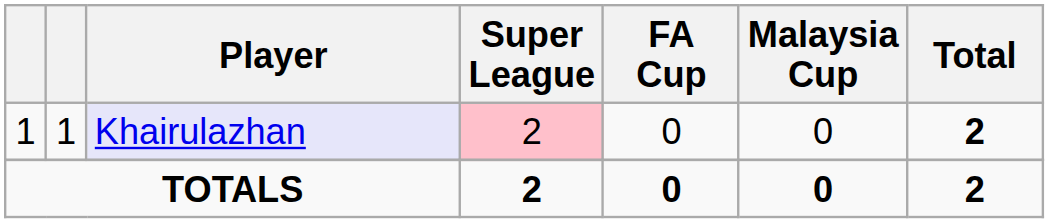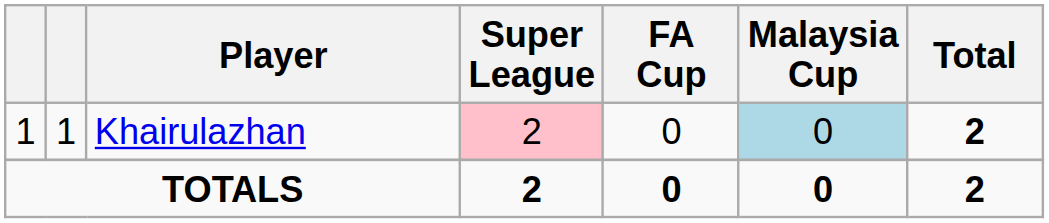 <table class="wikitable sortable" style="font-size: 95%; text-align: center;">
 <tr>
 <th width=10></th>
 <th width=10></th>
 <th width=150>Player</th>
 <th width=50>Super League</th>
 <th width=50>FA Cup</th>
 <th width=50>Malaysia Cup</th>
 <th width=50>Total</th>
 </tr>
 <tr>
 <td>1</td>
 <td>1</td>
-<td align=left style="background: lavender;"> <a href='#'>Khairulazhan</a></td>
+<td align=left> <a href='#'>Khairulazhan</a></td>
 <td style="background: pink;">2</td>
 <td>0</td>
-<td>0</td>
+<td style="background: lightblue;">0</td>
 <td><strong>2</strong></td>
 </tr>
 <tr>
 </tr>
 <tr class="sortbottom">
 <td colspan=3><strong>TOTALS</strong></td>
 <td><strong>2</strong></td>
 <td><strong>0</strong></td>
 <td><strong>0</strong></td>
 <td><strong>2</strong></td>
 </tr>
 </table>
